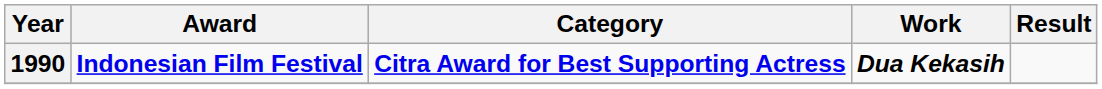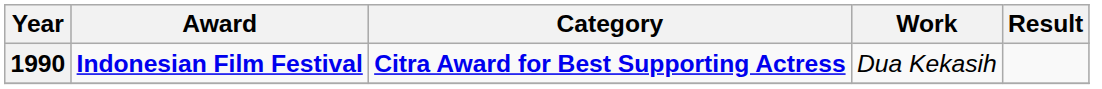 <table class="wikitable sortable">
 <tr>
 <th>Year</th>
 <th>Award</th>
 <th>Category</th>
 <th>Work</th>
 <th>Result</th>
 </tr>
 <tr>
 <th>1990</th>
 <td><strong><a href='#'>Indonesian Film Festival</a></strong></td>
 <td><strong><a href='#'>Citra Award for Best Supporting Actress</a></strong></td>
-<td><strong><em>Dua Kekasih</em></strong></td>
+<td><em>Dua Kekasih</em></td>
 <td></td>
 </tr>
 <tr>
 </tr>
 </table>
